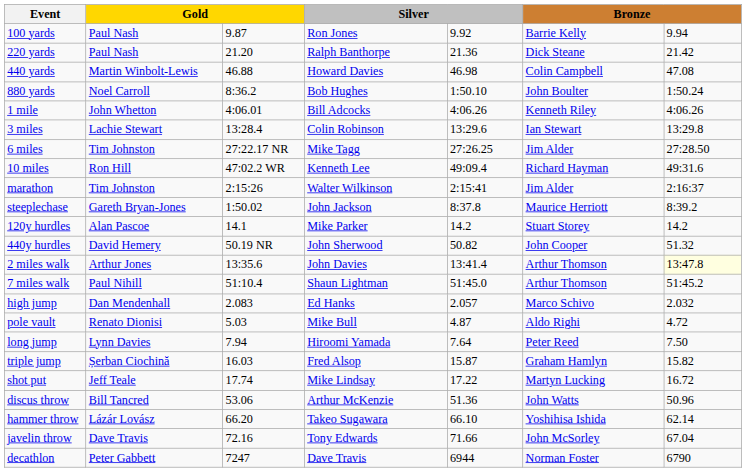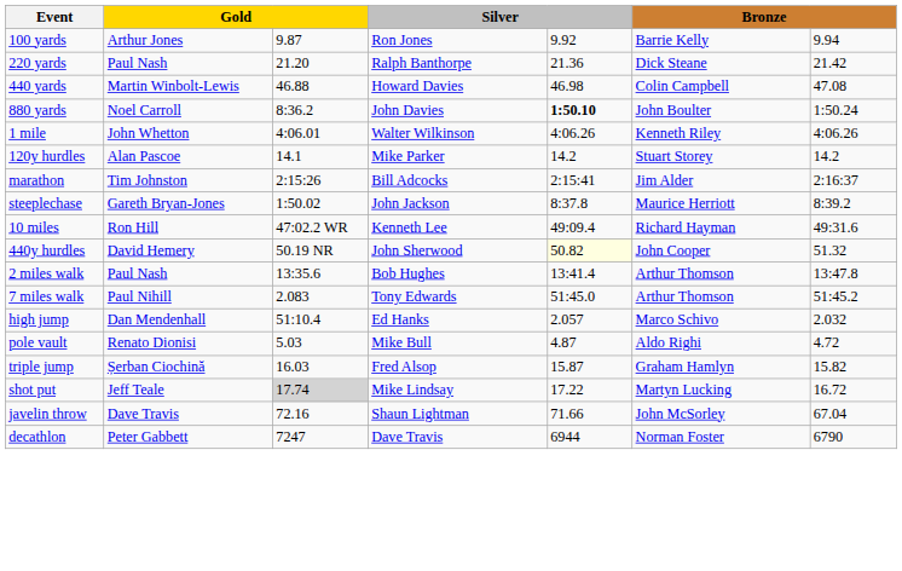 <table class="wikitable" style="text-align:left">
 <tr>
 <th width=100>Event</th>
 <th colspan="2" width="280" style="background:gold;">Gold</th>
 <th colspan="2" width="280" style="background:silver;">Silver</th>
 <th colspan="2" width="280" style="background:#CD7F32;">Bronze</th>
 </tr>
 <tr>
 <td><a href='#'>100 yards</a></td>
-<td> <a href='#'>Paul Nash</a></td>
+<td><a href='#'>Arthur Jones</a></td>
 <td>9.87</td>
 <td> <a href='#'>Ron Jones</a></td>
 <td>9.92</td>
 <td><a href='#'>Barrie Kelly</a></td>
 <td>9.94</td>
 </tr>
 <tr>
 <td><a href='#'>220 yards</a></td>
 <td> <a href='#'>Paul Nash</a></td>
 <td>21.20</td>
 <td><a href='#'>Ralph Banthorpe</a></td>
 <td>21.36</td>
 <td><a href='#'>Dick Steane</a></td>
 <td>21.42</td>
 </tr>
 <tr>
 <td><a href='#'>440 yards</a></td>
 <td><a href='#'>Martin Winbolt-Lewis</a></td>
 <td>46.88</td>
 <td> <a href='#'>Howard Davies</a></td>
 <td>46.98</td>
 <td><a href='#'>Colin Campbell</a></td>
 <td>47.08</td>
 </tr>
 <tr>
 <td><a href='#'>880 yards</a></td>
 <td><a href='#'>Noel Carroll</a></td>
 <td>8:36.2</td>
-<td><a href='#'>Bob Hughes</a></td>
-<td>1:50.10</td>
+<td><a href='#'>John Davies</a></td>
+<td><strong>1:50.10</strong></td>
 <td><a href='#'>John Boulter</a></td>
 <td>1:50.24</td>
 </tr>
 <tr>
 <td><a href='#'>1 mile</a></td>
 <td><a href='#'>John Whetton</a></td>
 <td>4:06.01</td>
-<td><a href='#'>Bill Adcocks</a></td>
+<td><a href='#'>Walter Wilkinson</a></td>
 <td>4:06.26</td>
 <td><a href='#'>Kenneth Riley</a></td>
 <td>4:06.26</td>
 </tr>
 <tr>
-<td><a href='#'>3 miles</a></td>
-<td> <a href='#'>Lachie Stewart</a></td>
-<td>13:28.4</td>
-<td><a href='#'>Colin Robinson</a></td>
-<td>13:29.6</td>
-<td> <a href='#'>Ian Stewart</a></td>
-<td>13:29.8</td>
-</tr>
-<tr>
-<td><a href='#'>6 miles</a></td>
-<td><a href='#'>Tim Johnston</a></td>
-<td>27:22.17 NR</td>
-<td><a href='#'>Mike Tagg</a></td>
-<td>27:26.25</td>
-<td> <a href='#'>Jim Alder</a></td>
-<td>27:28.50</td>
-</tr>
-<tr>
-<td><a href='#'>10 miles</a></td>
-<td><a href='#'>Ron Hill</a></td>
-<td>47:02.2 WR</td>
-<td><a href='#'>Kenneth Lee</a></td>
-<td>49:09.4</td>
-<td><a href='#'>Richard Hayman</a></td>
-<td>49:31.6</td>
+<td><a href='#'>120y hurdles</a></td>
+<td><a href='#'>Alan Pascoe</a></td>
+<td>14.1</td>
+<td><a href='#'>Mike Parker</a></td>
+<td>14.2</td>
+<td><a href='#'>Stuart Storey</a></td>
+<td>14.2</td>
 </tr>
 <tr>
 <td><a href='#'>marathon</a></td>
 <td><a href='#'>Tim Johnston</a></td>
 <td>2:15:26</td>
-<td><a href='#'>Walter Wilkinson</a></td>
+<td><a href='#'>Bill Adcocks</a></td>
 <td>2:15:41</td>
 <td> <a href='#'>Jim Alder</a></td>
 <td>2:16:37</td>
 </tr>
 <tr>
 <td><a href='#'>steeplechase</a></td>
 <td><a href='#'>Gareth Bryan-Jones</a></td>
 <td>1:50.02</td>
 <td><a href='#'>John Jackson</a></td>
 <td>8:37.8</td>
 <td><a href='#'>Maurice Herriott</a></td>
 <td>8:39.2</td>
 </tr>
 <tr>
-<td><a href='#'>120y hurdles</a></td>
-<td><a href='#'>Alan Pascoe</a></td>
-<td>14.1</td>
-<td><a href='#'>Mike Parker</a></td>
-<td>14.2</td>
-<td><a href='#'>Stuart Storey</a></td>
-<td>14.2</td>
+<td><a href='#'>10 miles</a></td>
+<td><a href='#'>Ron Hill</a></td>
+<td>47:02.2 WR</td>
+<td><a href='#'>Kenneth Lee</a></td>
+<td>49:09.4</td>
+<td><a href='#'>Richard Hayman</a></td>
+<td>49:31.6</td>
 </tr>
 <tr>
 <td><a href='#'>440y hurdles</a></td>
 <td><a href='#'>David Hemery</a></td>
 <td>50.19 NR</td>
 <td><a href='#'>John Sherwood</a></td>
-<td>50.82</td>
+<td style="background: lightyellow;">50.82</td>
 <td><a href='#'>John Cooper</a></td>
 <td>51.32</td>
 </tr>
 <tr>
 <td><a href='#'>2 miles walk</a></td>
-<td><a href='#'>Arthur Jones</a></td>
+<td> <a href='#'>Paul Nash</a></td>
 <td>13:35.6</td>
-<td><a href='#'>John Davies</a></td>
+<td><a href='#'>Bob Hughes</a></td>
 <td>13:41.4</td>
 <td><a href='#'>Arthur Thomson</a></td>
-<td style="background: lightyellow;">13:47.8</td>
+<td>13:47.8</td>
 </tr>
 <tr>
 <td><a href='#'>7 miles walk</a></td>
 <td><a href='#'>Paul Nihill</a></td>
-<td>51:10.4</td>
-<td><a href='#'>Shaun Lightman</a></td>
+<td>2.083</td>
+<td><a href='#'>Tony Edwards</a></td>
 <td>51:45.0</td>
 <td><a href='#'>Arthur Thomson</a></td>
 <td>51:45.2</td>
 </tr>
 <tr>
 <td><a href='#'>high jump</a></td>
 <td> <a href='#'>Dan Mendenhall</a></td>
-<td>2.083</td>
+<td>51:10.4</td>
 <td> <a href='#'>Ed Hanks</a></td>
 <td>2.057</td>
 <td> <a href='#'>Marco Schivo</a></td>
 <td>2.032</td>
 </tr>
 <tr>
 <td><a href='#'>pole vault</a></td>
 <td> <a href='#'>Renato Dionisi</a></td>
 <td>5.03</td>
 <td><a href='#'>Mike Bull</a></td>
 <td>4.87</td>
 <td> <a href='#'>Aldo Righi</a></td>
 <td>4.72</td>
 </tr>
 <tr>
-<td><a href='#'>long jump</a></td>
-<td> <a href='#'>Lynn Davies</a></td>
-<td>7.94</td>
-<td> <a href='#'>Hiroomi Yamada</a></td>
-<td>7.64</td>
-<td><a href='#'>Peter Reed</a></td>
-<td>7.50</td>
-</tr>
-<tr>
 <td><a href='#'>triple jump</a></td>
 <td> <a href='#'>Șerban Ciochină</a></td>
 <td>16.03</td>
 <td><a href='#'>Fred Alsop</a></td>
 <td>15.87</td>
 <td><a href='#'>Graham Hamlyn</a></td>
 <td>15.82</td>
 </tr>
 <tr>
 <td><a href='#'>shot put</a></td>
 <td><a href='#'>Jeff Teale</a></td>
-<td>17.74</td>
+<td style="background: lightgrey;">17.74</td>
 <td> <a href='#'>Mike Lindsay</a></td>
 <td>17.22</td>
 <td><a href='#'>Martyn Lucking</a></td>
 <td>16.72</td>
 </tr>
 <tr>
-<td><a href='#'>discus throw</a></td>
-<td><a href='#'>Bill Tancred</a></td>
-<td>53.06</td>
-<td><a href='#'>Arthur McKenzie</a></td>
-<td>51.36</td>
-<td><a href='#'>John Watts</a></td>
-<td>50.96</td>
-</tr>
-<tr>
-<td><a href='#'>hammer throw</a></td>
-<td> <a href='#'>Lázár Lovász</a></td>
-<td>66.20</td>
-<td> <a href='#'>Takeo Sugawara</a></td>
-<td>66.10</td>
-<td> <a href='#'>Yoshihisa Ishida</a></td>
-<td>62.14</td>
-</tr>
-<tr>
 <td><a href='#'>javelin throw</a></td>
 <td><a href='#'>Dave Travis</a></td>
 <td>72.16</td>
-<td><a href='#'>Tony Edwards</a></td>
+<td><a href='#'>Shaun Lightman</a></td>
 <td>71.66</td>
 <td><a href='#'>John McSorley</a></td>
 <td>67.04</td>
 </tr>
 <tr>
 <td><a href='#'>decathlon</a></td>
 <td><a href='#'>Peter Gabbett</a></td>
 <td>7247</td>
 <td><a href='#'>Dave Travis</a></td>
 <td>6944</td>
 <td>  <a href='#'>Norman Foster</a></td>
 <td>6790</td>
 </tr>
 </table>
